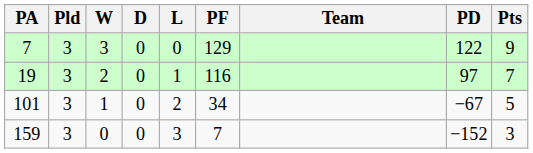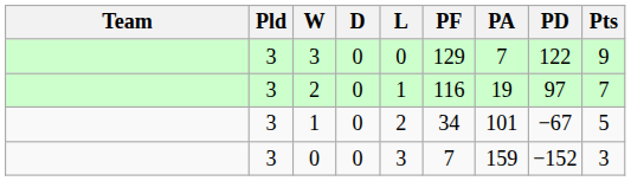 <table class="wikitable" style="text-align:center;">
 <tr>
-<th width=32 abbr="Points against">PA</th>
+<th width=175>Team</th>
 <th width=25 abbr="Played">Pld</th>
 <th width=25 abbr="Won">W</th>
 <th width=25 abbr="Drawn">D</th>
 <th width=25 abbr="Lost">L</th>
 <th width=32 abbr="Points for">PF</th>
-<th width=175>Team</th>
+<th width=32 abbr="Points against">PA</th>
 <th width=32 abbr="Points difference">PD</th>
 <th width=25 abbr="Points">Pts</th>
 </tr>
 <tr bgcolor="#ccffcc">
-<td>7</td>
+<td align=left></td>
 <td>3</td>
 <td>3</td>
 <td>0</td>
 <td>0</td>
 <td>129</td>
-<td align=left></td>
+<td>7</td>
 <td>122</td>
 <td>9</td>
 </tr>
 <tr bgcolor="#ccffcc">
-<td>19</td>
+<td align=left></td>
 <td>3</td>
 <td>2</td>
 <td>0</td>
 <td>1</td>
 <td>116</td>
-<td align=left></td>
+<td>19</td>
 <td>97</td>
 <td>7</td>
 </tr>
 <tr>
-<td>101</td>
+<td align=left></td>
 <td>3</td>
 <td>1</td>
 <td>0</td>
 <td>2</td>
 <td>34</td>
-<td align=left></td>
+<td>101</td>
 <td>−67</td>
 <td>5</td>
 </tr>
 <tr>
-<td>159</td>
+<td align=left></td>
 <td>3</td>
 <td>0</td>
 <td>0</td>
 <td>3</td>
 <td>7</td>
-<td align=left></td>
+<td>159</td>
 <td>−152</td>
 <td>3</td>
 </tr>
 </table>
